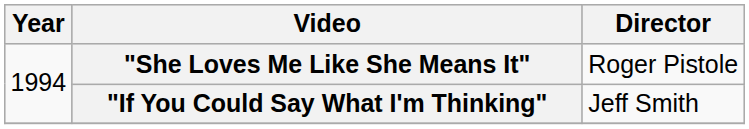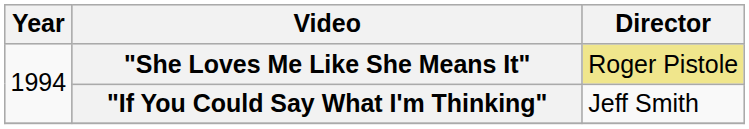 <table class="wikitable plainrowheaders">
 <tr>
 <th>Year</th>
 <th style="width:20em;">Video</th>
 <th>Director</th>
 </tr>
 <tr>
 <td rowspan="2">1994</td>
 <th scope="row">"She Loves Me Like She Means It"</th>
-<td>Roger Pistole</td>
+<td style="background: khaki;">Roger Pistole</td>
 </tr>
 <tr>
 <th scope="row">"If You Could Say What I'm Thinking"</th>
 <td>Jeff Smith</td>
 </tr>
 <tr>
 </tr>
 </table>
